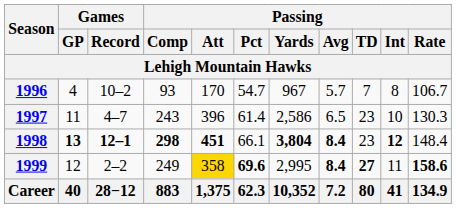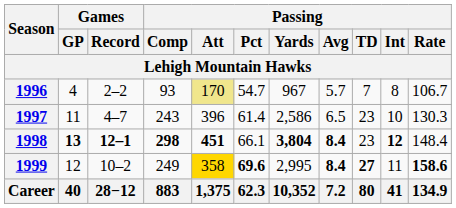 <table class="wikitable" style="text-align:center;">
 <tr>
 <th rowspan="2">Season</th>
 <th colspan="2">Games</th>
 <th colspan="8">Passing</th>
 </tr>
 <tr>
 <th>GP</th>
 <th>Record</th>
 <th>Comp</th>
 <th>Att</th>
 <th>Pct</th>
 <th>Yards</th>
 <th>Avg</th>
 <th>TD</th>
 <th>Int</th>
 <th>Rate</th>
 </tr>
 <tr>
 <th colspan="16">Lehigh Mountain Hawks</th>
 </tr>
 <tr>
 <th><a href='#'>1996</a></th>
 <td>4</td>
-<td>10–2</td>
+<td>2–2</td>
 <td>93</td>
-<td>170</td>
+<td style="background: khaki;">170</td>
 <td>54.7</td>
 <td>967</td>
 <td>5.7</td>
 <td>7</td>
 <td>8</td>
 <td>106.7</td>
 </tr>
 <tr>
 <th><a href='#'>1997</a></th>
 <td>11</td>
 <td>4–7</td>
 <td>243</td>
 <td>396</td>
 <td>61.4</td>
 <td>2,586</td>
 <td>6.5</td>
 <td>23</td>
 <td>10</td>
 <td>130.3</td>
 </tr>
 <tr>
 <th><a href='#'>1998</a></th>
 <td><strong>13</strong></td>
 <td><strong>12–1</strong></td>
 <td><strong>298</strong></td>
 <td><strong>451</strong></td>
 <td>66.1</td>
 <td><strong>3,804</strong></td>
 <td><strong>8.4</strong></td>
 <td>23</td>
 <td><strong>12</strong></td>
 <td>148.4</td>
 </tr>
 <tr>
 <th><a href='#'>1999</a></th>
 <td>12</td>
-<td>2–2</td>
+<td>10–2</td>
 <td>249</td>
 <td style="background: gold;">358</td>
 <td><strong>69.6</strong></td>
 <td>2,995</td>
 <td><strong>8.4</strong></td>
 <td><strong>27</strong></td>
 <td>11</td>
 <td><strong>158.6</strong></td>
 </tr>
 <tr>
 <th>Career</th>
 <th>40</th>
 <th>28−12</th>
 <th>883</th>
 <th>1,375</th>
 <th>62.3</th>
 <th>10,352</th>
 <th>7.2</th>
 <th>80</th>
 <th>41</th>
 <th>134.9</th>
 </tr>
 </table>
